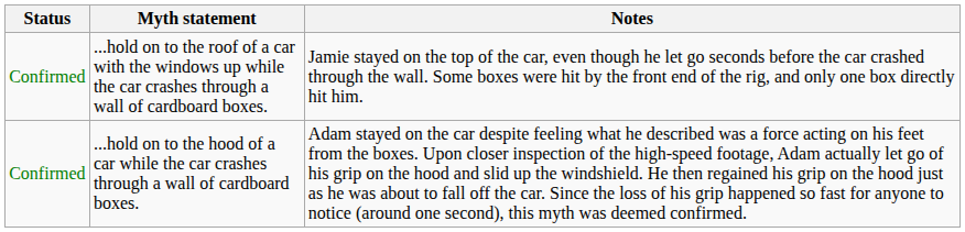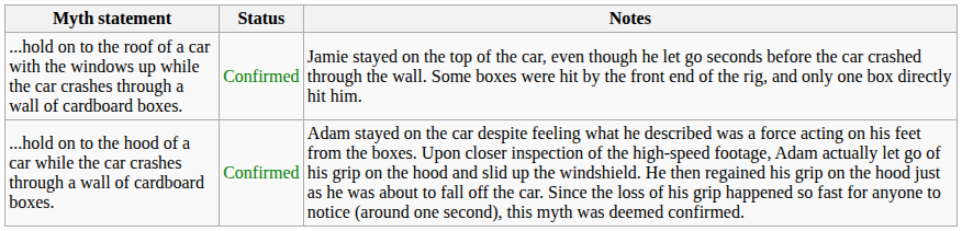 <table class="wikitable plainrowheaders">
 <tr>
+<th>Myth statement</th>
 <th>Status</th>
-<th>Myth statement</th>
 <th>Notes</th>
 </tr>
 <tr>
+<td>...hold on to the roof of a car with the windows up while the car crashes through a wall of cardboard boxes.</td>
 <td style="color:green">Confirmed</td>
-<td>...hold on to the roof of a car with the windows up while the car crashes through a wall of cardboard boxes.</td>
 <td>Jamie stayed on the top of the car, even though he let go seconds before the car crashed through the wall. Some boxes were hit by the front end of the rig, and only one box directly hit him.</td>
 </tr>
 <tr>
+<td>...hold on to the hood of a car while the car crashes through a wall of cardboard boxes.</td>
 <td style="color:green">Confirmed</td>
-<td>...hold on to the hood of a car while the car crashes through a wall of cardboard boxes.</td>
 <td>Adam stayed on the car despite feeling what he described was a force acting on his feet from the boxes. Upon closer inspection of the high-speed footage, Adam actually let go of his grip on the hood and slid up the windshield. He then regained his grip on the hood just as he was about to fall off the car. Since the loss of his grip happened so fast for anyone to notice (around one second), this myth was deemed confirmed.</td>
 </tr>
 </table>
